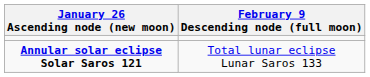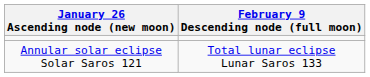 <table class="wikitable">
 <tr>
 <th><a href='#'>January 26</a><br>Ascending node (new moon)<br></th>
 <th><a href='#'>February 9</a><br>Descending node (full moon)<br></th>
 </tr>
 <tr>
 <td></td>
 <td></td>
 </tr>
 <tr align=center>
-<td><strong><a href='#'>Annular solar eclipse</a><br>Solar Saros 121</strong></td>
+<td><a href='#'>Annular solar eclipse</a><br>Solar Saros 121</td>
 <td><a href='#'>Total lunar eclipse</a><br>Lunar Saros 133</td>
 </tr>
 </table>
